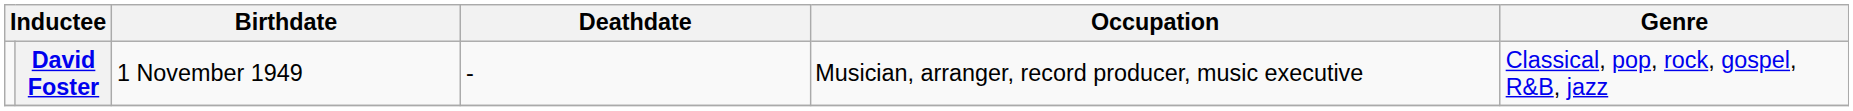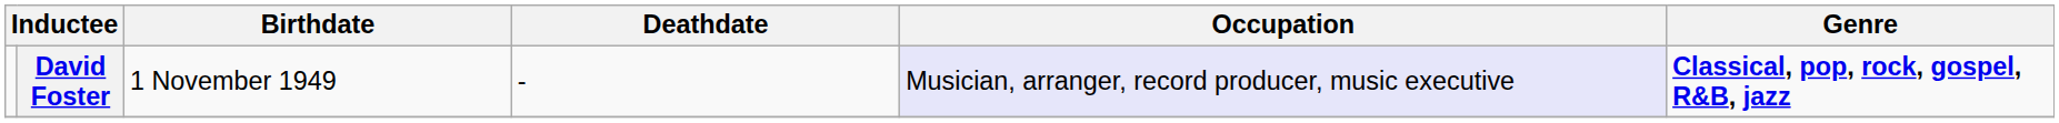 <table class="wikitable" width="100%">
 <tr>
 <th colspan=2>Inductee</th>
 <th width="20%">Birthdate</th>
 <th width="20%">Deathdate</th>
 <th width="40%">Occupation</th>
 <th width="40%">Genre</th>
 </tr>
 <tr>
 <td></td>
 <th><a href='#'>David Foster</a></th>
 <td>1 November 1949</td>
 <td>-</td>
-<td>Musician, arranger, record producer, music executive</td>
-<td><a href='#'>Classical</a>, <a href='#'>pop</a>, <a href='#'>rock</a>, <a href='#'>gospel</a>, <a href='#'>R&B</a>, <a href='#'>jazz</a></td>
+<td style="background: lavender;">Musician, arranger, record producer, music executive</td>
+<td><strong><a href='#'>Classical</a>, <a href='#'>pop</a>, <a href='#'>rock</a>, <a href='#'>gospel</a>, <a href='#'>R&B</a>, <a href='#'>jazz</a></strong></td>
 </tr>
 <tr>
 </tr>
 </table>
